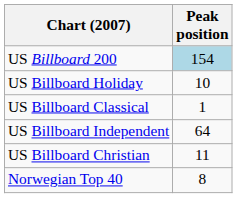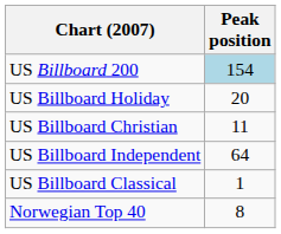 <table class="wikitable sortable">
 <tr>
 <th style="text-align:center;">Chart (2007)</th>
 <th style="text-align:center;">Peak<br>position</th>
 </tr>
 <tr>
 <td>US <a href='#'><em>Billboard</em> 200</a></td>
 <td style="background: lightblue; text-align:center;">154</td>
 </tr>
 <tr>
 <td>US <a href='#'>Billboard Holiday</a></td>
-<td style="text-align:center;">10</td>
+<td style="text-align:center;">20</td>
+</tr>
+<tr>
+<td>US <a href='#'>Billboard Christian</a></td>
+<td style="text-align:center;">11</td>
+</tr>
+<tr>
+<td>US <a href='#'>Billboard Independent</a></td>
+<td style="text-align:center;">64</td>
 </tr>
 <tr>
 <td>US  <a href='#'>Billboard Classical</a></td>
 <td style="text-align:center;">1</td>
 </tr>
 <tr>
-<td>US <a href='#'>Billboard Independent</a></td>
-<td style="text-align:center;">64</td>
-</tr>
-<tr>
-<td>US <a href='#'>Billboard Christian</a></td>
-<td style="text-align:center;">11</td>
-</tr>
-<tr>
 <td><a href='#'>Norwegian Top 40</a></td>
 <td style="text-align:center;">8</td>
 </tr>
 </table>
